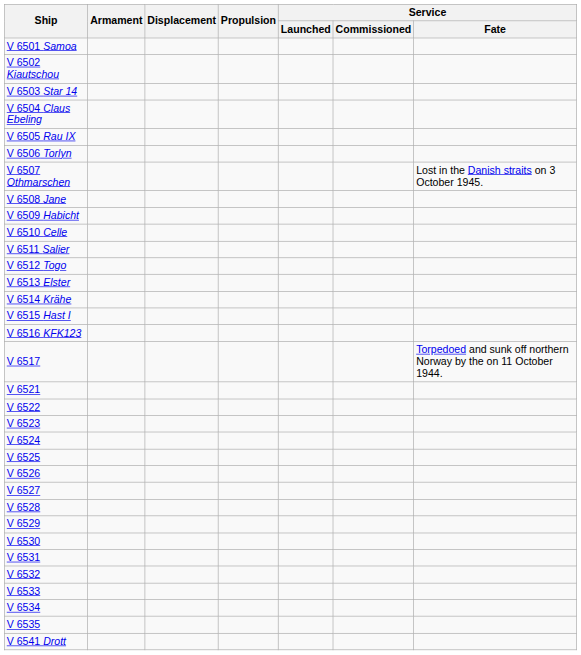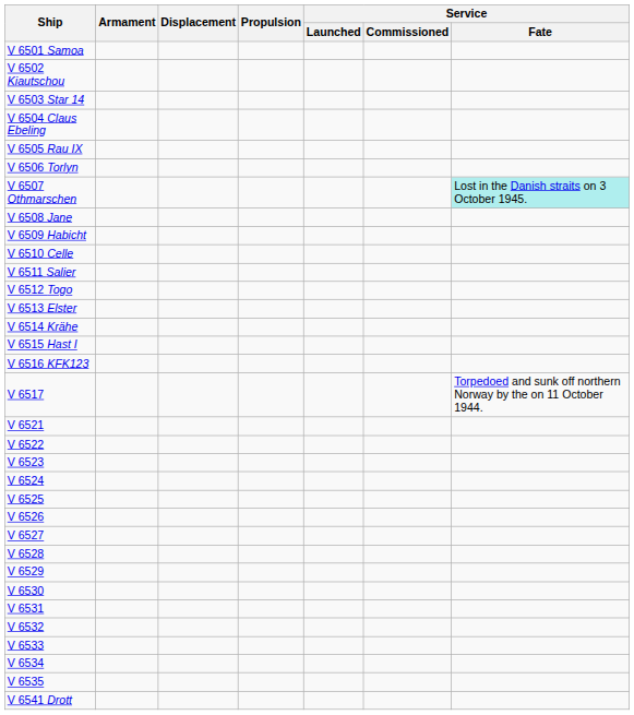 <table class="wikitable">
 <tr>
 <th rowspan="2">Ship</th>
 <th rowspan="2">Armament</th>
 <th rowspan="2">Displacement</th>
 <th rowspan="2">Propulsion</th>
 <th colspan="3">Service</th>
 </tr>
 <tr>
 <th>Launched</th>
 <th>Commissioned</th>
 <th>Fate</th>
 </tr>
 <tr>
 <td><a href='#'>V 6501 <em>Samoa</em></a></td>
 <td></td>
 <td></td>
 <td></td>
 <td></td>
 <td></td>
 <td></td>
 </tr>
 <tr>
 <td><a href='#'>V 6502 <em>Kiautschou</em></a></td>
 <td></td>
 <td></td>
 <td></td>
 <td></td>
 <td></td>
 <td></td>
 </tr>
 <tr>
 <td><a href='#'>V 6503 <em>Star 14</em></a></td>
 <td></td>
 <td></td>
 <td></td>
 <td></td>
 <td></td>
 <td></td>
 </tr>
 <tr>
 <td><a href='#'>V 6504 <em>Claus Ebeling</em></a></td>
 <td></td>
 <td></td>
 <td></td>
 <td></td>
 <td></td>
 <td></td>
 </tr>
 <tr>
 <td><a href='#'>V 6505 <em>Rau IX</em></a></td>
 <td></td>
 <td></td>
 <td></td>
 <td></td>
 <td></td>
 <td></td>
 </tr>
 <tr>
 <td><a href='#'>V 6506<em> Torlyn</em></a></td>
 <td></td>
 <td></td>
 <td></td>
 <td></td>
 <td></td>
 <td></td>
 </tr>
 <tr>
 <td><a href='#'>V 6507 <em>Othmarschen</em></a></td>
 <td></td>
 <td></td>
 <td></td>
 <td></td>
 <td></td>
-<td>Lost in the <a href='#'>Danish straits</a> on 3 October 1945.</td>
+<td style="background: paleturquoise;">Lost in the <a href='#'>Danish straits</a> on 3 October 1945.</td>
 </tr>
 <tr>
 <td><a href='#'>V 6508 <em>Jane</em></a></td>
 <td></td>
 <td></td>
 <td></td>
 <td></td>
 <td></td>
 <td></td>
 </tr>
 <tr>
 <td><a href='#'>V 6509 <em>Habicht</em></a></td>
 <td></td>
 <td></td>
 <td></td>
 <td></td>
 <td></td>
 <td></td>
 </tr>
 <tr>
 <td><a href='#'>V 6510 <em>Celle</em></a></td>
 <td></td>
 <td></td>
 <td></td>
 <td></td>
 <td></td>
 <td></td>
 </tr>
 <tr>
 <td><a href='#'>V 6511 <em>Salier</em></a></td>
 <td></td>
 <td></td>
 <td></td>
 <td></td>
 <td></td>
 <td></td>
 </tr>
 <tr>
 <td><a href='#'>V 6512 <em>Togo</em></a></td>
 <td></td>
 <td></td>
 <td></td>
 <td></td>
 <td></td>
 <td></td>
 </tr>
 <tr>
 <td><a href='#'>V 6513 <em>Elster</em></a></td>
 <td></td>
 <td></td>
 <td></td>
 <td></td>
 <td></td>
 <td></td>
 </tr>
 <tr>
 <td><a href='#'>V 6514 <em>Krähe</em></a></td>
 <td></td>
 <td></td>
 <td></td>
 <td></td>
 <td></td>
 <td></td>
 </tr>
 <tr>
 <td><a href='#'>V 6515 <em>Hast I</em></a></td>
 <td></td>
 <td></td>
 <td></td>
 <td></td>
 <td></td>
 <td></td>
 </tr>
 <tr>
 <td><a href='#'>V 6516 <em>KFK123</em></a></td>
 <td></td>
 <td></td>
 <td></td>
 <td></td>
 <td></td>
 <td></td>
 </tr>
 <tr>
 <td><a href='#'>V 6517</a></td>
 <td></td>
 <td></td>
 <td></td>
 <td></td>
 <td></td>
 <td><a href='#'>Torpedoed</a> and sunk off northern Norway by the  on 11 October 1944.</td>
 </tr>
 <tr>
 <td><a href='#'>V 6521</a></td>
 <td></td>
 <td></td>
 <td></td>
 <td></td>
 <td></td>
 <td></td>
 </tr>
 <tr>
 <td><a href='#'>V 6522</a></td>
 <td></td>
 <td></td>
 <td></td>
 <td></td>
 <td></td>
 <td></td>
 </tr>
 <tr>
 <td><a href='#'>V 6523</a></td>
 <td></td>
 <td></td>
 <td></td>
 <td></td>
 <td></td>
 <td></td>
 </tr>
 <tr>
 <td><a href='#'>V 6524</a></td>
 <td></td>
 <td></td>
 <td></td>
 <td></td>
 <td></td>
 <td></td>
 </tr>
 <tr>
 <td><a href='#'>V 6525</a></td>
 <td></td>
 <td></td>
 <td></td>
 <td></td>
 <td></td>
 <td></td>
 </tr>
 <tr>
 <td><a href='#'>V 6526</a></td>
 <td></td>
 <td></td>
 <td></td>
 <td></td>
 <td></td>
 <td></td>
 </tr>
 <tr>
 <td><a href='#'>V 6527</a></td>
 <td></td>
 <td></td>
 <td></td>
 <td></td>
 <td></td>
 <td></td>
 </tr>
 <tr>
 <td><a href='#'>V 6528</a></td>
 <td></td>
 <td></td>
 <td></td>
 <td></td>
 <td></td>
 <td></td>
 </tr>
 <tr>
 <td><a href='#'>V 6529</a></td>
 <td></td>
 <td></td>
 <td></td>
 <td></td>
 <td></td>
 <td></td>
 </tr>
 <tr>
 <td><a href='#'>V 6530</a></td>
 <td></td>
 <td></td>
 <td></td>
 <td></td>
 <td></td>
 <td></td>
 </tr>
 <tr>
 <td><a href='#'>V 6531</a></td>
 <td></td>
 <td></td>
 <td></td>
 <td></td>
 <td></td>
 <td></td>
 </tr>
 <tr>
 <td><a href='#'>V 6532</a></td>
 <td></td>
 <td></td>
 <td></td>
 <td></td>
 <td></td>
 <td></td>
 </tr>
 <tr>
 <td><a href='#'>V 6533</a></td>
 <td></td>
 <td></td>
 <td></td>
 <td></td>
 <td></td>
 <td></td>
 </tr>
 <tr>
 <td><a href='#'>V 6534</a></td>
 <td></td>
 <td></td>
 <td></td>
 <td></td>
 <td></td>
 <td></td>
 </tr>
 <tr>
 <td><a href='#'>V 6535</a></td>
 <td></td>
 <td></td>
 <td></td>
 <td></td>
 <td></td>
 <td></td>
 </tr>
 <tr>
 <td><a href='#'>V 6541 <em>Drott</em></a></td>
 <td></td>
 <td></td>
 <td></td>
 <td></td>
 <td></td>
 <td></td>
 </tr>
 </table>
